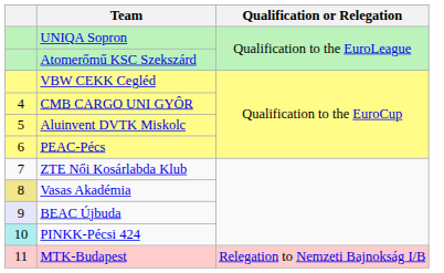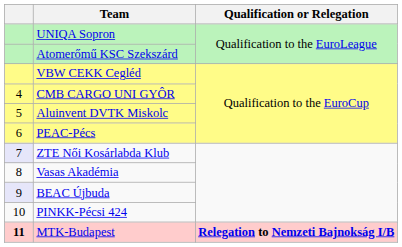 <table class="wikitable" style="text-align: center;">
 <tr>
 <th width=30></th>
 <th width=200>Team</th>
 <th>Qualification or Relegation</th>
 </tr>
 <tr bgcolor="#BBF3BB">
 <td></td>
 <td align=left><a href='#'>UNIQA Sopron</a></td>
 <td rowspan=2>Qualification to the <a href='#'>EuroLeague</a></td>
 </tr>
 <tr bgcolor="#BBF3BB">
 <td></td>
 <td align=left><a href='#'>Atomerőmű KSC Szekszárd</a></td>
 </tr>
 <tr bgcolor="#FFFC88">
 <td></td>
 <td align=left><a href='#'>VBW CEKK Cegléd</a></td>
 <td rowspan=4>Qualification to the <a href='#'>EuroCup</a></td>
 </tr>
 <tr bgcolor="#FFFC88">
 <td>4</td>
 <td align="left"><a href='#'>CMB CARGO UNI GYÔR</a></td>
 </tr>
 <tr bgcolor="#FFFC88">
 <td>5</td>
 <td align="left"><a href='#'>Aluinvent DVTK Miskolc</a></td>
 </tr>
 <tr bgcolor="#FFFC88">
 <td>6</td>
 <td align="left"><a href='#'>PEAC-Pécs</a></td>
 </tr>
 <tr>
-<td>7</td>
+<td style="background: lavender;">7</td>
 <td align="left"><a href='#'>ZTE Női Kosárlabda Klub</a></td>
 </tr>
 <tr>
-<td style="background: khaki;">8</td>
+<td>8</td>
 <td align="left"><a href='#'>Vasas Akadémia</a></td>
 </tr>
 <tr>
 <td style="background: lavender;">9</td>
 <td align="left"><a href='#'>BEAC Újbuda</a></td>
 </tr>
 <tr>
-<td style="background: paleturquoise;">10</td>
+<td>10</td>
 <td align="left"><a href='#'>PINKK-Pécsi 424</a></td>
 </tr>
 <tr bgcolor="FFCCCC">
-<td>11</td>
+<td><strong>11</strong></td>
 <td align="left"><a href='#'>MTK-Budapest</a></td>
-<td><a href='#'>Relegation</a> to <a href='#'>Nemzeti Bajnokság I/B</a></td>
+<td><strong><a href='#'>Relegation</a> to <a href='#'>Nemzeti Bajnokság I/B</a></strong></td>
 </tr>
 </table>
